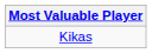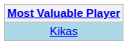 <table class=wikitable style="text-align:center; margin:auto">
 <tr>
 <th><a href='#'>Most Valuable Player</a></th>
 </tr>
 <tr>
-<td> <a href='#'>Kikas</a></td>
+<td style="background: lightblue;"> <a href='#'>Kikas</a></td>
 </tr>
 </table>
